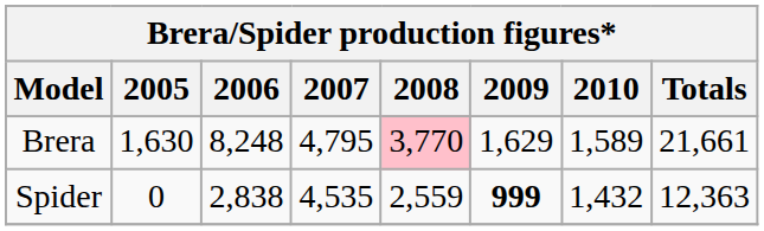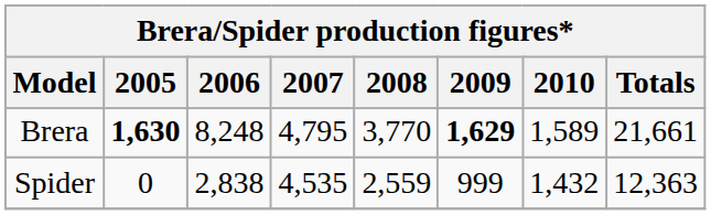 <table class="wikitable" style="text-align:center; font-size:90%;">
 <tr>
 <th colspan=15>Brera/Spider production figures*</th>
 </tr>
 <tr>
 <th>Model</th>
 <th>2005</th>
 <th>2006</th>
 <th>2007</th>
 <th>2008</th>
 <th>2009</th>
 <th>2010</th>
 <th>Totals</th>
 </tr>
 <tr>
 <td>Brera</td>
-<td>1,630</td>
+<td><strong>1,630</strong></td>
 <td>8,248</td>
 <td>4,795</td>
-<td style="background: pink;">3,770</td>
-<td>1,629</td>
+<td>3,770</td>
+<td><strong>1,629</strong></td>
 <td>1,589</td>
 <td>21,661</td>
 </tr>
 <tr>
 <td>Spider</td>
 <td>0</td>
 <td>2,838</td>
 <td>4,535</td>
 <td>2,559</td>
-<td><strong>999</strong></td>
+<td>999</td>
 <td>1,432</td>
 <td>12,363</td>
 </tr>
 <tr>
 </tr>
 </table>
